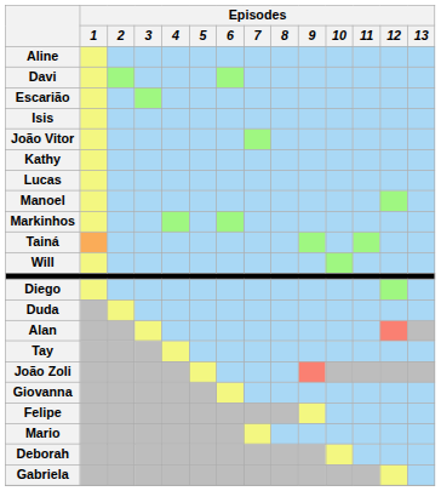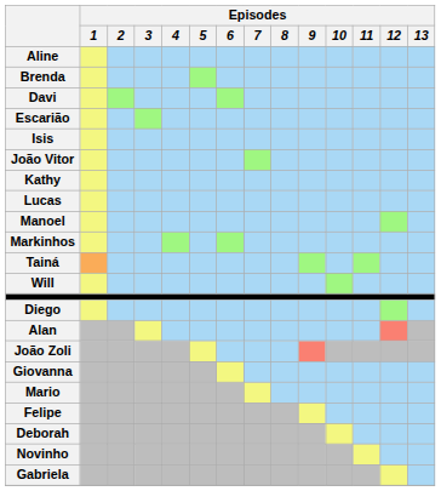 <table class="wikitable" style="text-align:center; font-size:100%; width: 60%">
 <tr>
 <th rowspan="02" width="15%"></th>
 <th colspan="13">Episodes</th>
 </tr>
 <tr>
 <th width="6%"><em>1</em></th>
 <th width="6%"><em>2</em></th>
 <th width="6%"><em>3</em></th>
 <th width="6%"><em>4</em></th>
 <th width="6%"><em>5</em></th>
 <th width="6%"><em>6</em></th>
 <th width="6%"><em>7</em></th>
 <th width="6%"><em>8</em></th>
 <th width="6%"><em>9</em></th>
 <th width="6%"><em>10</em></th>
 <th width="6%"><em>11</em></th>
 <th width="6%"><em>12</em></th>
 <th width="6%"><em>13</em></th>
 </tr>
 <tr>
 <th>Aline</th>
 <td bgcolor="F3F781"></td>
 <td bgcolor="A9D8F5"></td>
 <td bgcolor="A9D8F5"></td>
 <td bgcolor="A9D8F5"></td>
 <td bgcolor="A9D8F5"></td>
+<td bgcolor="A9D8F5"></td>
+<td bgcolor="A9D8F5"></td>
+<td bgcolor="A9D8F5"></td>
+<td bgcolor="A9D8F5"></td>
+<td bgcolor="A9D8F5"></td>
+<td bgcolor="A9D8F5"></td>
+<td bgcolor="A9D8F5"></td>
+<td bgcolor="A9D8F5"></td>
+</tr>
+<tr>
+<th>Brenda</th>
+<td bgcolor="F3F781"></td>
+<td bgcolor="A9D8F5"></td>
+<td bgcolor="A9D8F5"></td>
+<td bgcolor="A9D8F5"></td>
+<td bgcolor="9FF781"></td>
 <td bgcolor="A9D8F5"></td>
 <td bgcolor="A9D8F5"></td>
 <td bgcolor="A9D8F5"></td>
 <td bgcolor="A9D8F5"></td>
 <td bgcolor="A9D8F5"></td>
 <td bgcolor="A9D8F5"></td>
 <td bgcolor="A9D8F5"></td>
 <td bgcolor="A9D8F5"></td>
 </tr>
 <tr>
 <th>Davi</th>
 <td bgcolor="F3F781"></td>
 <td bgcolor="9FF781"></td>
 <td bgcolor="A9D8F5"></td>
 <td bgcolor="A9D8F5"></td>
 <td bgcolor="A9D8F5"></td>
 <td bgcolor="9FF781"></td>
 <td bgcolor="A9D8F5"></td>
 <td bgcolor="A9D8F5"></td>
 <td bgcolor="A9D8F5"></td>
 <td bgcolor="A9D8F5"></td>
 <td bgcolor="A9D8F5"></td>
 <td bgcolor="A9D8F5"></td>
 <td bgcolor="A9D8F5"></td>
 </tr>
 <tr>
 <th>Escarião</th>
 <td bgcolor="F3F781"></td>
 <td bgcolor="A9D8F5"></td>
 <td bgcolor="9FF781"></td>
 <td bgcolor="A9D8F5"></td>
 <td bgcolor="A9D8F5"></td>
 <td bgcolor="A9D8F5"></td>
 <td bgcolor="A9D8F5"></td>
 <td bgcolor="A9D8F5"></td>
 <td bgcolor="A9D8F5"></td>
 <td bgcolor="A9D8F5"></td>
 <td bgcolor="A9D8F5"></td>
 <td bgcolor="A9D8F5"></td>
 <td bgcolor="A9D8F5"></td>
 </tr>
 <tr>
 <th>Isis</th>
 <td bgcolor="F3F781"></td>
 <td bgcolor="A9D8F5"></td>
 <td bgcolor="A9D8F5"></td>
 <td bgcolor="A9D8F5"></td>
 <td bgcolor="A9D8F5"></td>
 <td bgcolor="A9D8F5"></td>
 <td bgcolor="A9D8F5"></td>
 <td bgcolor="A9D8F5"></td>
 <td bgcolor="A9D8F5"></td>
 <td bgcolor="A9D8F5"></td>
 <td bgcolor="A9D8F5"></td>
 <td bgcolor="A9D8F5"></td>
 <td bgcolor="A9D8F5"></td>
 </tr>
 <tr>
 <th>João Vitor</th>
 <td bgcolor="F3F781"></td>
 <td bgcolor="A9D8F5"></td>
 <td bgcolor="A9D8F5"></td>
 <td bgcolor="A9D8F5"></td>
 <td bgcolor="A9D8F5"></td>
 <td bgcolor="A9D8F5"></td>
 <td bgcolor="9FF781"></td>
 <td bgcolor="A9D8F5"></td>
 <td bgcolor="A9D8F5"></td>
 <td bgcolor="A9D8F5"></td>
 <td bgcolor="A9D8F5"></td>
 <td bgcolor="A9D8F5"></td>
 <td bgcolor="A9D8F5"></td>
 </tr>
 <tr>
 <th>Kathy</th>
 <td bgcolor="F3F781"></td>
 <td bgcolor="A9D8F5"></td>
 <td bgcolor="A9D8F5"></td>
 <td bgcolor="A9D8F5"></td>
 <td bgcolor="A9D8F5"></td>
 <td bgcolor="A9D8F5"></td>
 <td bgcolor="A9D8F5"></td>
 <td bgcolor="A9D8F5"></td>
 <td bgcolor="A9D8F5"></td>
 <td bgcolor="A9D8F5"></td>
 <td bgcolor="A9D8F5"></td>
 <td bgcolor="A9D8F5"></td>
 <td bgcolor="A9D8F5"></td>
 </tr>
 <tr>
 <th>Lucas</th>
 <td bgcolor="F3F781"></td>
 <td bgcolor="A9D8F5"></td>
 <td bgcolor="A9D8F5"></td>
 <td bgcolor="A9D8F5"></td>
 <td bgcolor="A9D8F5"></td>
 <td bgcolor="A9D8F5"></td>
 <td bgcolor="A9D8F5"></td>
 <td bgcolor="A9D8F5"></td>
 <td bgcolor="A9D8F5"></td>
 <td bgcolor="A9D8F5"></td>
 <td bgcolor="A9D8F5"></td>
 <td bgcolor="A9D8F5"></td>
 <td bgcolor="A9D8F5"></td>
 </tr>
 <tr>
 <th>Manoel</th>
 <td bgcolor="F3F781"></td>
 <td bgcolor="A9D8F5"></td>
 <td bgcolor="A9D8F5"></td>
 <td bgcolor="A9D8F5"></td>
 <td bgcolor="A9D8F5"></td>
 <td bgcolor="A9D8F5"></td>
 <td bgcolor="A9D8F5"></td>
 <td bgcolor="A9D8F5"></td>
 <td bgcolor="A9D8F5"></td>
 <td bgcolor="A9D8F5"></td>
 <td bgcolor="A9D8F5"></td>
 <td bgcolor="9FF781"></td>
 <td bgcolor="A9D8F5"></td>
 </tr>
 <tr>
 <th>Markinhos</th>
 <td bgcolor="F3F781"></td>
 <td bgcolor="A9D8F5"></td>
 <td bgcolor="A9D8F5"></td>
 <td bgcolor="9FF781"></td>
 <td bgcolor="A9D8F5"></td>
 <td bgcolor="9FF781"></td>
 <td bgcolor="A9D8F5"></td>
 <td bgcolor="A9D8F5"></td>
 <td bgcolor="A9D8F5"></td>
 <td bgcolor="A9D8F5"></td>
 <td bgcolor="A9D8F5"></td>
 <td bgcolor="A9D8F5"></td>
 <td bgcolor="A9D8F5"></td>
 </tr>
 <tr>
 <th>Tainá</th>
 <td bgcolor="FAAC58"></td>
 <td bgcolor="A9D8F5"></td>
 <td bgcolor="A9D8F5"></td>
 <td bgcolor="A9D8F5"></td>
 <td bgcolor="A9D8F5"></td>
 <td bgcolor="A9D8F5"></td>
 <td bgcolor="A9D8F5"></td>
 <td bgcolor="A9D8F5"></td>
 <td bgcolor="9FF781"></td>
 <td bgcolor="A9D8F5"></td>
 <td bgcolor="9FF781"></td>
 <td bgcolor="A9D8F5"></td>
 <td bgcolor="A9D8F5"></td>
 </tr>
 <tr>
 <th>Will</th>
 <td bgcolor="F3F781"></td>
 <td bgcolor="A9D8F5"></td>
 <td bgcolor="A9D8F5"></td>
 <td bgcolor="A9D8F5"></td>
 <td bgcolor="A9D8F5"></td>
 <td bgcolor="A9D8F5"></td>
 <td bgcolor="A9D8F5"></td>
 <td bgcolor="A9D8F5"></td>
 <td bgcolor="A9D8F5"></td>
 <td bgcolor="9FF781"></td>
 <td bgcolor="A9D8F5"></td>
 <td bgcolor="A9D8F5"></td>
 <td bgcolor="A9D8F5"></td>
 </tr>
 <tr>
 <td colspan="14" bgcolor="000000"></td>
 </tr>
 <tr>
 <th>Diego</th>
 <td bgcolor="F3F781"></td>
 <td bgcolor="A9D8F5"></td>
 <td bgcolor="A9D8F5"></td>
 <td bgcolor="A9D8F5"></td>
 <td bgcolor="A9D8F5"></td>
 <td bgcolor="A9D8F5"></td>
 <td bgcolor="A9D8F5"></td>
 <td bgcolor="A9D8F5"></td>
 <td bgcolor="A9D8F5"></td>
 <td bgcolor="A9D8F5"></td>
 <td bgcolor="A9D8F5"></td>
 <td bgcolor="9FF781"></td>
 <td bgcolor="A9D8F5"></td>
 </tr>
 <tr>
-<th>Duda</th>
-<td bgcolor="BDBDBD"></td>
-<td bgcolor="F3F781"></td>
-<td bgcolor="A9D8F5"></td>
-<td bgcolor="A9D8F5"></td>
-<td bgcolor="A9D8F5"></td>
-<td bgcolor="A9D8F5"></td>
-<td bgcolor="A9D8F5"></td>
-<td bgcolor="A9D8F5"></td>
-<td bgcolor="A9D8F5"></td>
-<td bgcolor="A9D8F5"></td>
-<td bgcolor="A9D8F5"></td>
-<td bgcolor="A9D8F5"></td>
-<td bgcolor="A9D8F5"></td>
-</tr>
-<tr>
 <th>Alan</th>
 <td bgcolor="BDBDBD"></td>
 <td bgcolor="BDBDBD"></td>
 <td bgcolor="F3F781"></td>
 <td bgcolor="A9D8F5"></td>
 <td bgcolor="A9D8F5"></td>
 <td bgcolor="A9D8F5"></td>
 <td bgcolor="A9D8F5"></td>
 <td bgcolor="A9D8F5"></td>
 <td bgcolor="A9D8F5"></td>
 <td bgcolor="A9D8F5"></td>
 <td bgcolor="A9D8F5"></td>
 <td bgcolor="FA8072"></td>
 <td bgcolor="BDBDBD"></td>
-</tr>
-<tr>
-<th>Tay</th>
-<td bgcolor="BDBDBD"></td>
-<td bgcolor="BDBDBD"></td>
-<td bgcolor="BDBDBD"></td>
-<td bgcolor="F3F781"></td>
-<td bgcolor="A9D8F5"></td>
-<td bgcolor="A9D8F5"></td>
-<td bgcolor="A9D8F5"></td>
-<td bgcolor="A9D8F5"></td>
-<td bgcolor="A9D8F5"></td>
-<td bgcolor="A9D8F5"></td>
-<td bgcolor="A9D8F5"></td>
-<td bgcolor="A9D8F5"></td>
-<td bgcolor="A9D8F5"></td>
 </tr>
 <tr>
 <th>João Zoli</th>
 <td bgcolor="BDBDBD"></td>
 <td bgcolor="BDBDBD"></td>
 <td bgcolor="BDBDBD"></td>
 <td bgcolor="BDBDBD"></td>
 <td bgcolor="F3F781"></td>
 <td bgcolor="A9D8F5"></td>
 <td bgcolor="A9D8F5"></td>
 <td bgcolor="A9D8F5"></td>
 <td bgcolor="FA8072"></td>
 <td bgcolor="BDBDBD"></td>
 <td bgcolor="BDBDBD"></td>
 <td bgcolor="BDBDBD"></td>
 <td bgcolor="BDBDBD"></td>
 </tr>
 <tr>
 <th>Giovanna</th>
 <td bgcolor="BDBDBD"></td>
 <td bgcolor="BDBDBD"></td>
 <td bgcolor="BDBDBD"></td>
 <td bgcolor="BDBDBD"></td>
 <td bgcolor="BDBDBD"></td>
 <td bgcolor="F3F781"></td>
 <td bgcolor="A9D8F5"></td>
 <td bgcolor="A9D8F5"></td>
 <td bgcolor="A9D8F5"></td>
 <td bgcolor="A9D8F5"></td>
 <td bgcolor="A9D8F5"></td>
 <td bgcolor="A9D8F5"></td>
 <td bgcolor="A9D8F5"></td>
 </tr>
 <tr>
-<th>Felipe</th>
-<td bgcolor="BDBDBD"></td>
-<td bgcolor="BDBDBD"></td>
+<th>Mario</th>
 <td bgcolor="BDBDBD"></td>
 <td bgcolor="BDBDBD"></td>
 <td bgcolor="BDBDBD"></td>
 <td bgcolor="BDBDBD"></td>
 <td bgcolor="BDBDBD"></td>
 <td bgcolor="BDBDBD"></td>
 <td bgcolor="F3F781"></td>
 <td bgcolor="A9D8F5"></td>
 <td bgcolor="A9D8F5"></td>
 <td bgcolor="A9D8F5"></td>
 <td bgcolor="A9D8F5"></td>
+<td bgcolor="A9D8F5"></td>
+<td bgcolor="A9D8F5"></td>
 </tr>
 <tr>
-<th>Mario</th>
+<th>Felipe</th>
+<td bgcolor="BDBDBD"></td>
+<td bgcolor="BDBDBD"></td>
 <td bgcolor="BDBDBD"></td>
 <td bgcolor="BDBDBD"></td>
 <td bgcolor="BDBDBD"></td>
 <td bgcolor="BDBDBD"></td>
 <td bgcolor="BDBDBD"></td>
 <td bgcolor="BDBDBD"></td>
 <td bgcolor="F3F781"></td>
-<td bgcolor="A9D8F5"></td>
-<td bgcolor="A9D8F5"></td>
 <td bgcolor="A9D8F5"></td>
 <td bgcolor="A9D8F5"></td>
 <td bgcolor="A9D8F5"></td>
 <td bgcolor="A9D8F5"></td>
 </tr>
 <tr>
 <th>Deborah</th>
 <td bgcolor="BDBDBD"></td>
 <td bgcolor="BDBDBD"></td>
 <td bgcolor="BDBDBD"></td>
 <td bgcolor="BDBDBD"></td>
 <td bgcolor="BDBDBD"></td>
 <td bgcolor="BDBDBD"></td>
 <td bgcolor="BDBDBD"></td>
 <td bgcolor="BDBDBD"></td>
 <td bgcolor="BDBDBD"></td>
 <td bgcolor="F3F781"></td>
 <td bgcolor="A9D8F5"></td>
 <td bgcolor="A9D8F5"></td>
 <td bgcolor="A9D8F5"></td>
 </tr>
 <tr>
+<th>Novinho</th>
+<td bgcolor="BDBDBD"></td>
+<td bgcolor="BDBDBD"></td>
+<td bgcolor="BDBDBD"></td>
+<td bgcolor="BDBDBD"></td>
+<td bgcolor="BDBDBD"></td>
+<td bgcolor="BDBDBD"></td>
+<td bgcolor="BDBDBD"></td>
+<td bgcolor="BDBDBD"></td>
+<td bgcolor="BDBDBD"></td>
+<td bgcolor="BDBDBD"></td>
+<td bgcolor="F3F781"></td>
+<td bgcolor="A9D8F5"></td>
+<td bgcolor="A9D8F5"></td>
+</tr>
+<tr>
 <th>Gabriela</th>
 <td bgcolor="BDBDBD"></td>
 <td bgcolor="BDBDBD"></td>
 <td bgcolor="BDBDBD"></td>
 <td bgcolor="BDBDBD"></td>
 <td bgcolor="BDBDBD"></td>
 <td bgcolor="BDBDBD"></td>
 <td bgcolor="BDBDBD"></td>
 <td bgcolor="BDBDBD"></td>
 <td bgcolor="BDBDBD"></td>
 <td bgcolor="BDBDBD"></td>
 <td bgcolor="BDBDBD"></td>
 <td bgcolor="F3F781"></td>
 <td bgcolor="A9D8F5"></td>
 </tr>
 <tr>
 </tr>
 </table>
